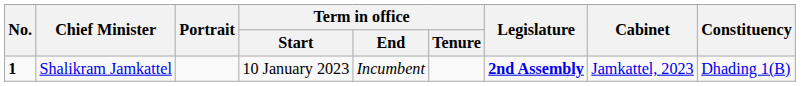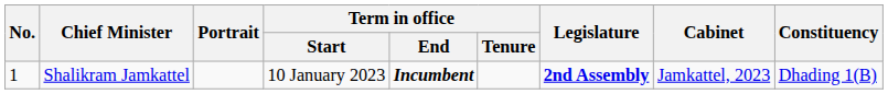 <table class="wikitable">
 <tr>
 <th rowspan="2" style="background-color:">No.</th>
 <th rowspan="2" style="background-color:">Chief Minister</th>
 <th rowspan="2" style="background-color:">Portrait</th>
 <th colspan="3" style="background-color:">Term in office</th>
 <th rowspan="2" style="background-color:">Legislature</th>
 <th rowspan="2" style="background-color:">Cabinet</th>
 <th rowspan="2" style="background-color:">Constituency</th>
 </tr>
 <tr>
 <th style="background-color:">Start</th>
 <th style="background-color:">End</th>
 <th style="background-color:">Tenure</th>
 </tr>
 <tr>
-<td><strong>1</strong></td>
+<td>1</td>
 <td><a href='#'>Shalikram Jamkattel</a></td>
 <td></td>
 <td>10 January 2023</td>
-<td><em>Incumbent</em></td>
+<td><strong><em>Incumbent</em></strong></td>
 <td></td>
 <td><strong><a href='#'>2nd Assembly</a></strong></td>
 <td><a href='#'>Jamkattel, 2023</a></td>
 <td><a href='#'>Dhading 1(B)</a></td>
 </tr>
 </table>
